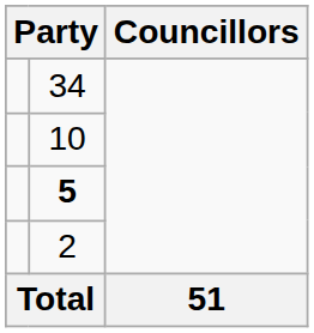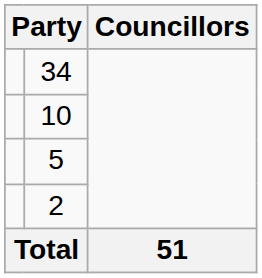 <table class="wikitable">
 <tr>
 <th colspan=2>Party</th>
 <th>Councillors</th>
 </tr>
 <tr>
 <td></td>
 <td align=center>34</td>
 </tr>
 <tr>
 <td></td>
 <td align=center>10</td>
 </tr>
 <tr>
 <td></td>
-<td align=center><strong>5</strong></td>
+<td align=center>5</td>
 </tr>
 <tr>
 <td></td>
 <td align=center>2</td>
 </tr>
 <tr>
 <th colspan=2>Total</th>
 <th align=center>51</th>
 </tr>
 </table>
